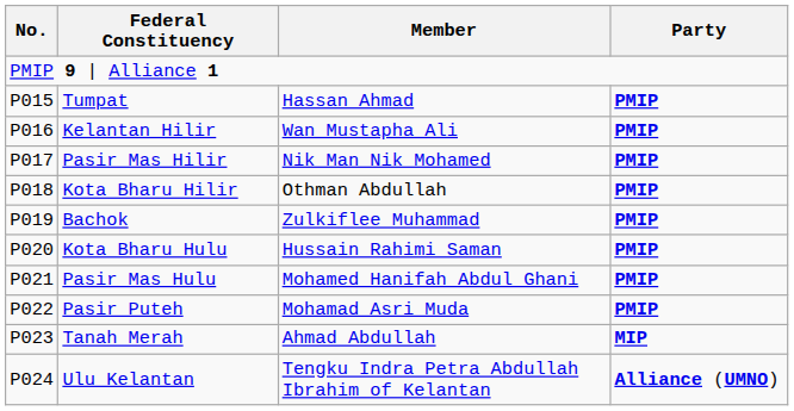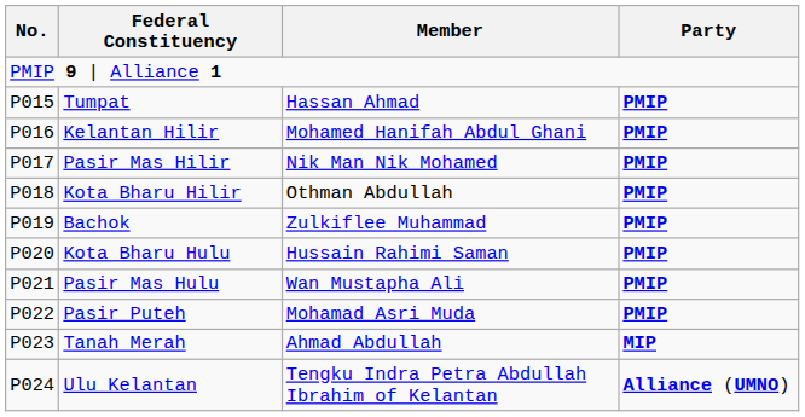 <table class="wikitable sortable">
 <tr>
 <th style="width:30px;">No.</th>
 <th style="width:150px;">Federal Constituency</th>
 <th style="width:230px;">Member</th>
 <th style="width:120px;">Party</th>
 </tr>
 <tr>
 <td colspan="4"><a href='#'>PMIP</a> <strong>9</strong> | <a href='#'>Alliance</a> <strong>1</strong></td>
 </tr>
 <tr>
 <td>P015</td>
 <td><a href='#'>Tumpat</a></td>
 <td><a href='#'>Hassan Ahmad</a></td>
 <td><strong><a href='#'>PMIP</a></strong></td>
 </tr>
 <tr>
 <td>P016</td>
 <td><a href='#'>Kelantan Hilir</a></td>
-<td><a href='#'>Wan Mustapha Ali</a></td>
+<td><a href='#'>Mohamed Hanifah Abdul Ghani</a></td>
 <td><strong><a href='#'>PMIP</a></strong></td>
 </tr>
 <tr>
 <td>P017</td>
 <td><a href='#'>Pasir Mas Hilir</a></td>
 <td><a href='#'>Nik Man Nik Mohamed</a></td>
 <td><strong><a href='#'>PMIP</a></strong></td>
 </tr>
 <tr>
 <td>P018</td>
 <td><a href='#'>Kota Bharu Hilir</a></td>
 <td>Othman Abdullah</td>
 <td><strong><a href='#'>PMIP</a></strong></td>
 </tr>
 <tr>
 <td>P019</td>
 <td><a href='#'>Bachok</a></td>
 <td><a href='#'>Zulkiflee Muhammad</a></td>
 <td><strong><a href='#'>PMIP</a></strong></td>
 </tr>
 <tr>
 <td>P020</td>
 <td><a href='#'>Kota Bharu Hulu</a></td>
 <td><a href='#'>Hussain Rahimi Saman</a></td>
 <td><strong><a href='#'>PMIP</a></strong></td>
 </tr>
 <tr>
 <td>P021</td>
 <td><a href='#'>Pasir Mas Hulu</a></td>
-<td><a href='#'>Mohamed Hanifah Abdul Ghani</a></td>
+<td><a href='#'>Wan Mustapha Ali</a></td>
 <td><strong><a href='#'>PMIP</a></strong></td>
 </tr>
 <tr>
 <td>P022</td>
 <td><a href='#'>Pasir Puteh</a></td>
 <td><a href='#'>Mohamad Asri Muda</a></td>
 <td><strong><a href='#'>PMIP</a></strong></td>
 </tr>
 <tr>
 <td>P023</td>
 <td><a href='#'>Tanah Merah</a></td>
 <td><a href='#'>Ahmad Abdullah</a></td>
 <td><strong><a href='#'>MIP</a></strong></td>
 </tr>
 <tr>
 <td>P024</td>
 <td><a href='#'>Ulu Kelantan</a></td>
 <td><a href='#'>Tengku Indra Petra Abdullah</a> <a href='#'>Ibrahim of Kelantan</a></td>
 <td><strong><a href='#'>Alliance</a></strong> (<strong><a href='#'>UMNO</a></strong>)</td>
 </tr>
 </table>
